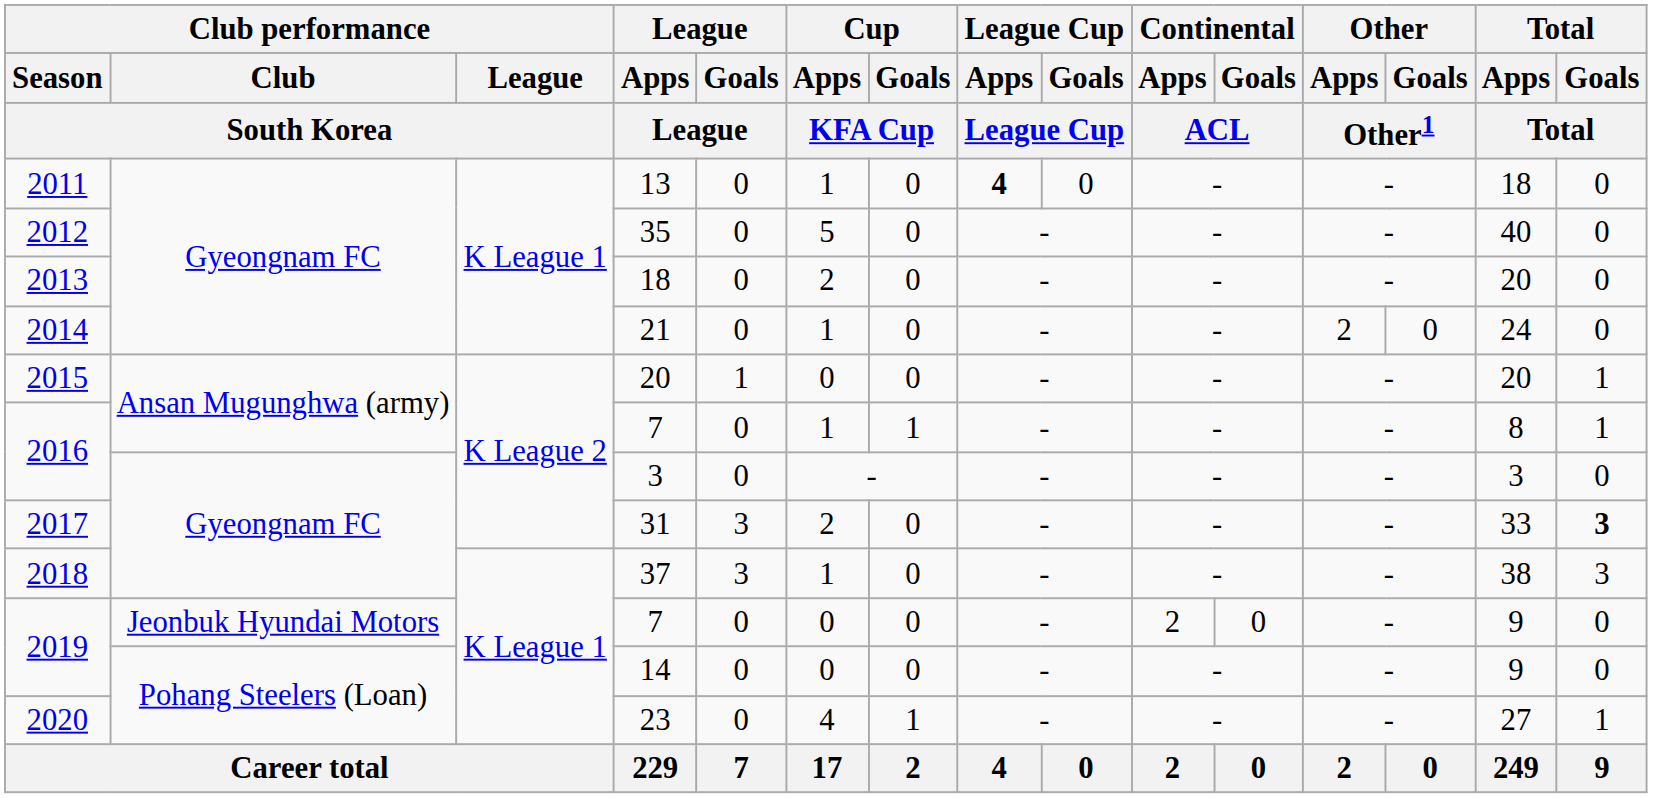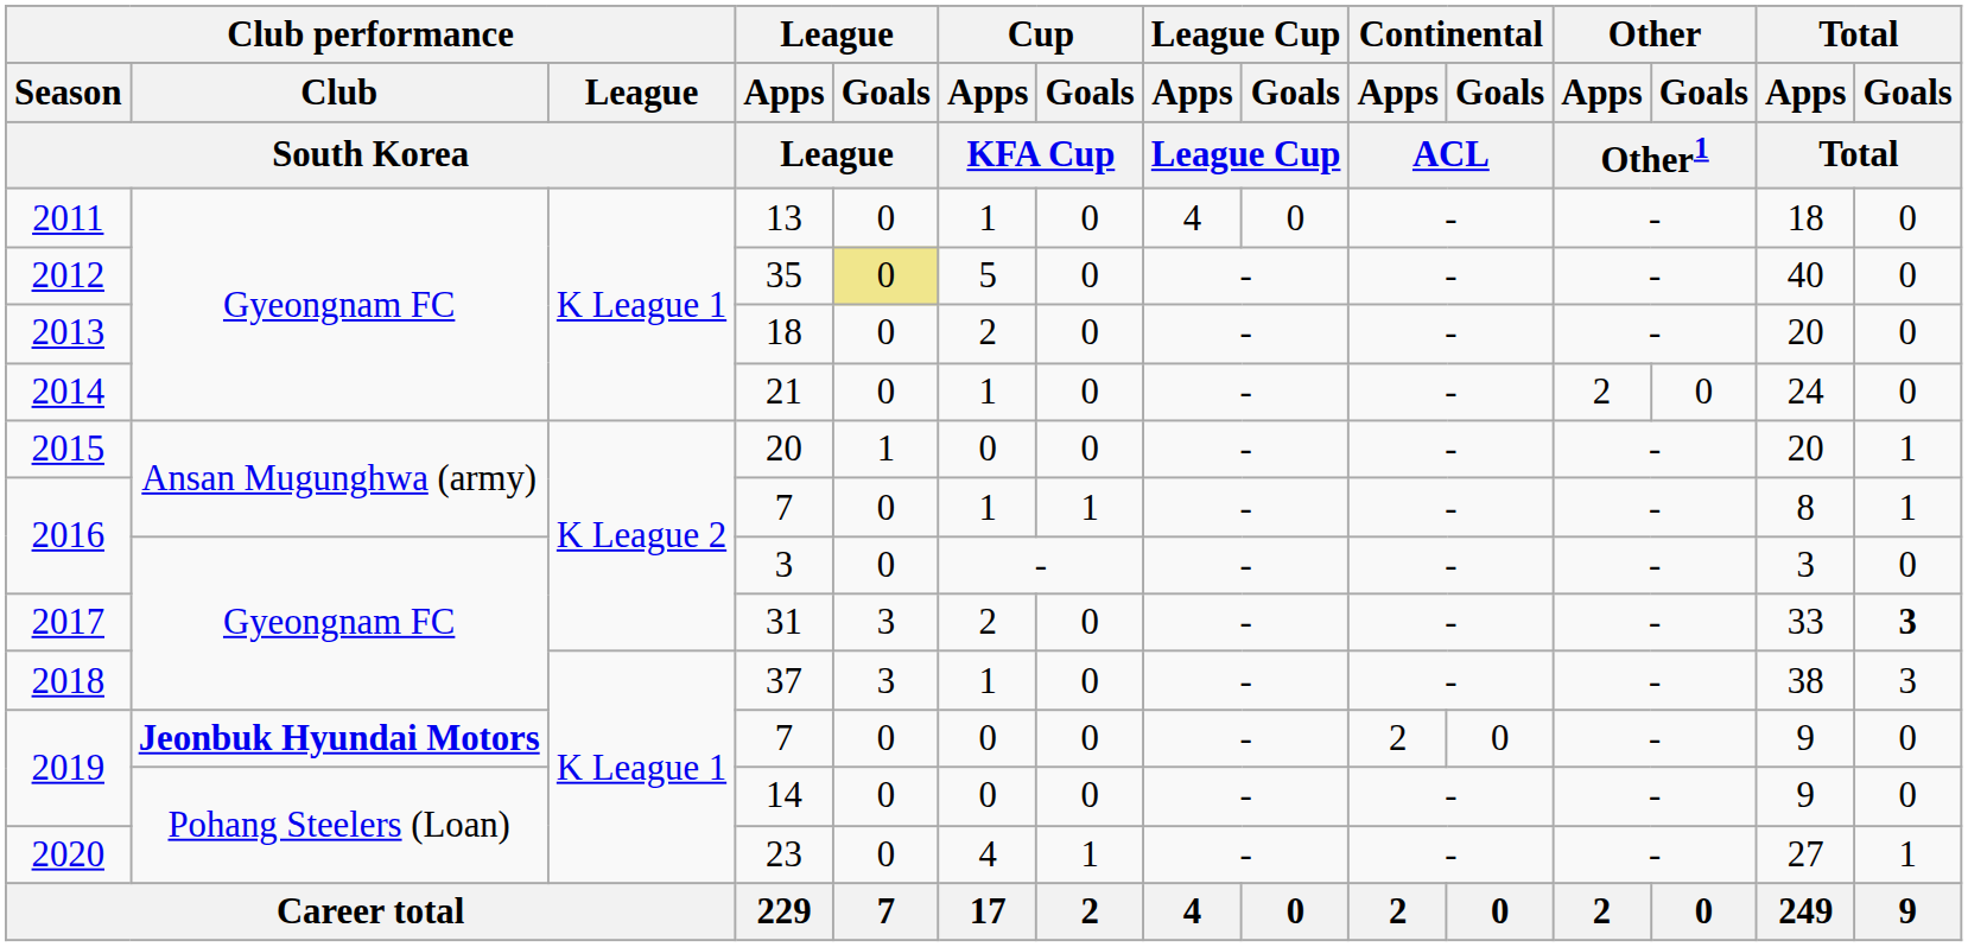 <table class="wikitable" style="text-align:center">
 <tr>
 <th colspan=3>Club performance</th>
 <th colspan=2>League</th>
 <th colspan=2>Cup</th>
 <th colspan=2>League Cup</th>
 <th colspan=2>Continental</th>
 <th colspan=2>Other</th>
 <th colspan=2>Total</th>
 </tr>
 <tr>
 <th>Season</th>
 <th>Club</th>
 <th>League</th>
 <th>Apps</th>
 <th>Goals</th>
 <th>Apps</th>
 <th>Goals</th>
 <th>Apps</th>
 <th>Goals</th>
 <th>Apps</th>
 <th>Goals</th>
 <th>Apps</th>
 <th>Goals</th>
 <th>Apps</th>
 <th>Goals</th>
 </tr>
 <tr>
 <th colspan=3>South Korea</th>
 <th colspan=2>League</th>
 <th colspan=2><a href='#'>KFA Cup</a></th>
 <th colspan=2><a href='#'>League Cup</a></th>
 <th colspan=2><a href='#'>ACL</a></th>
 <th colspan=2>Other<sup><a href='#'>1</a></sup></th>
 <th colspan=2>Total</th>
 </tr>
 <tr>
 <td><a href='#'>2011</a></td>
 <td rowspan="4"><a href='#'>Gyeongnam FC</a></td>
 <td rowspan="4"><a href='#'>K League 1</a></td>
 <td>13</td>
 <td>0</td>
 <td>1</td>
 <td>0</td>
-<td><strong>4</strong></td>
+<td>4</td>
 <td>0</td>
 <td colspan="2">-</td>
 <td colspan="2">-</td>
 <td>18</td>
 <td>0</td>
 </tr>
 <tr>
 <td><a href='#'>2012</a></td>
 <td>35</td>
-<td>0</td>
+<td style="background: khaki;">0</td>
 <td>5</td>
 <td>0</td>
 <td colspan="2">-</td>
 <td colspan="2">-</td>
 <td colspan="2">-</td>
 <td>40</td>
 <td>0</td>
 </tr>
 <tr>
 <td><a href='#'>2013</a></td>
 <td>18</td>
 <td>0</td>
 <td>2</td>
 <td>0</td>
 <td colspan="2">-</td>
 <td colspan="2">-</td>
 <td colspan="2">-</td>
 <td>20</td>
 <td>0</td>
 </tr>
 <tr>
 <td><a href='#'>2014</a></td>
 <td>21</td>
 <td>0</td>
 <td>1</td>
 <td>0</td>
 <td colspan="2">-</td>
 <td colspan="2">-</td>
 <td>2</td>
 <td>0</td>
 <td>24</td>
 <td>0</td>
 </tr>
 <tr>
 <td><a href='#'>2015</a></td>
 <td rowspan="2"><a href='#'>Ansan Mugunghwa</a> (army)</td>
 <td rowspan="4"><a href='#'>K League 2</a></td>
 <td>20</td>
 <td>1</td>
 <td>0</td>
 <td>0</td>
 <td colspan="2">-</td>
 <td colspan="2">-</td>
 <td colspan="2">-</td>
 <td>20</td>
 <td>1</td>
 </tr>
 <tr>
 <td rowspan="2"><a href='#'>2016</a></td>
 <td>7</td>
 <td>0</td>
 <td>1</td>
 <td>1</td>
 <td colspan="2">-</td>
 <td colspan="2">-</td>
 <td colspan="2">-</td>
 <td>8</td>
 <td>1</td>
 </tr>
 <tr>
 <td rowspan="3"><a href='#'>Gyeongnam FC</a></td>
 <td>3</td>
 <td>0</td>
 <td colspan="2">-</td>
 <td colspan="2">-</td>
 <td colspan="2">-</td>
 <td colspan="2">-</td>
 <td>3</td>
 <td>0</td>
 </tr>
 <tr>
 <td><a href='#'>2017</a></td>
 <td>31</td>
 <td>3</td>
 <td>2</td>
 <td>0</td>
 <td colspan="2">-</td>
 <td colspan="2">-</td>
 <td colspan="2">-</td>
 <td>33</td>
 <td><strong>3</strong></td>
 </tr>
 <tr>
 <td><a href='#'>2018</a></td>
 <td rowspan="4"><a href='#'>K League 1</a></td>
 <td>37</td>
 <td>3</td>
 <td>1</td>
 <td>0</td>
 <td colspan="2">-</td>
 <td colspan="2">-</td>
 <td colspan="2">-</td>
 <td>38</td>
 <td>3</td>
 </tr>
 <tr>
 <td rowspan="2"><a href='#'>2019</a></td>
-<td><a href='#'>Jeonbuk Hyundai Motors</a></td>
+<td><strong><a href='#'>Jeonbuk Hyundai Motors</a></strong></td>
 <td>7</td>
 <td>0</td>
 <td>0</td>
 <td>0</td>
 <td colspan="2">-</td>
 <td>2</td>
 <td>0</td>
 <td colspan="2">-</td>
 <td>9</td>
 <td>0</td>
 </tr>
 <tr>
 <td rowspan="2"><a href='#'>Pohang Steelers</a> (Loan)</td>
 <td>14</td>
 <td>0</td>
 <td>0</td>
 <td>0</td>
 <td colspan="2">-</td>
 <td colspan="2">-</td>
 <td colspan="2">-</td>
 <td>9</td>
 <td>0</td>
 </tr>
 <tr>
 <td><a href='#'>2020</a></td>
 <td>23</td>
 <td>0</td>
 <td>4</td>
 <td>1</td>
 <td colspan="2">-</td>
 <td colspan="2">-</td>
 <td colspan="2">-</td>
 <td>27</td>
 <td>1</td>
 </tr>
 <tr>
 <th colspan=3>Career total</th>
 <th>229</th>
 <th>7</th>
 <th>17</th>
 <th>2</th>
 <th>4</th>
 <th>0</th>
 <th>2</th>
 <th>0</th>
 <th>2</th>
 <th>0</th>
 <th>249</th>
 <th>9</th>
 </tr>
 </table>
